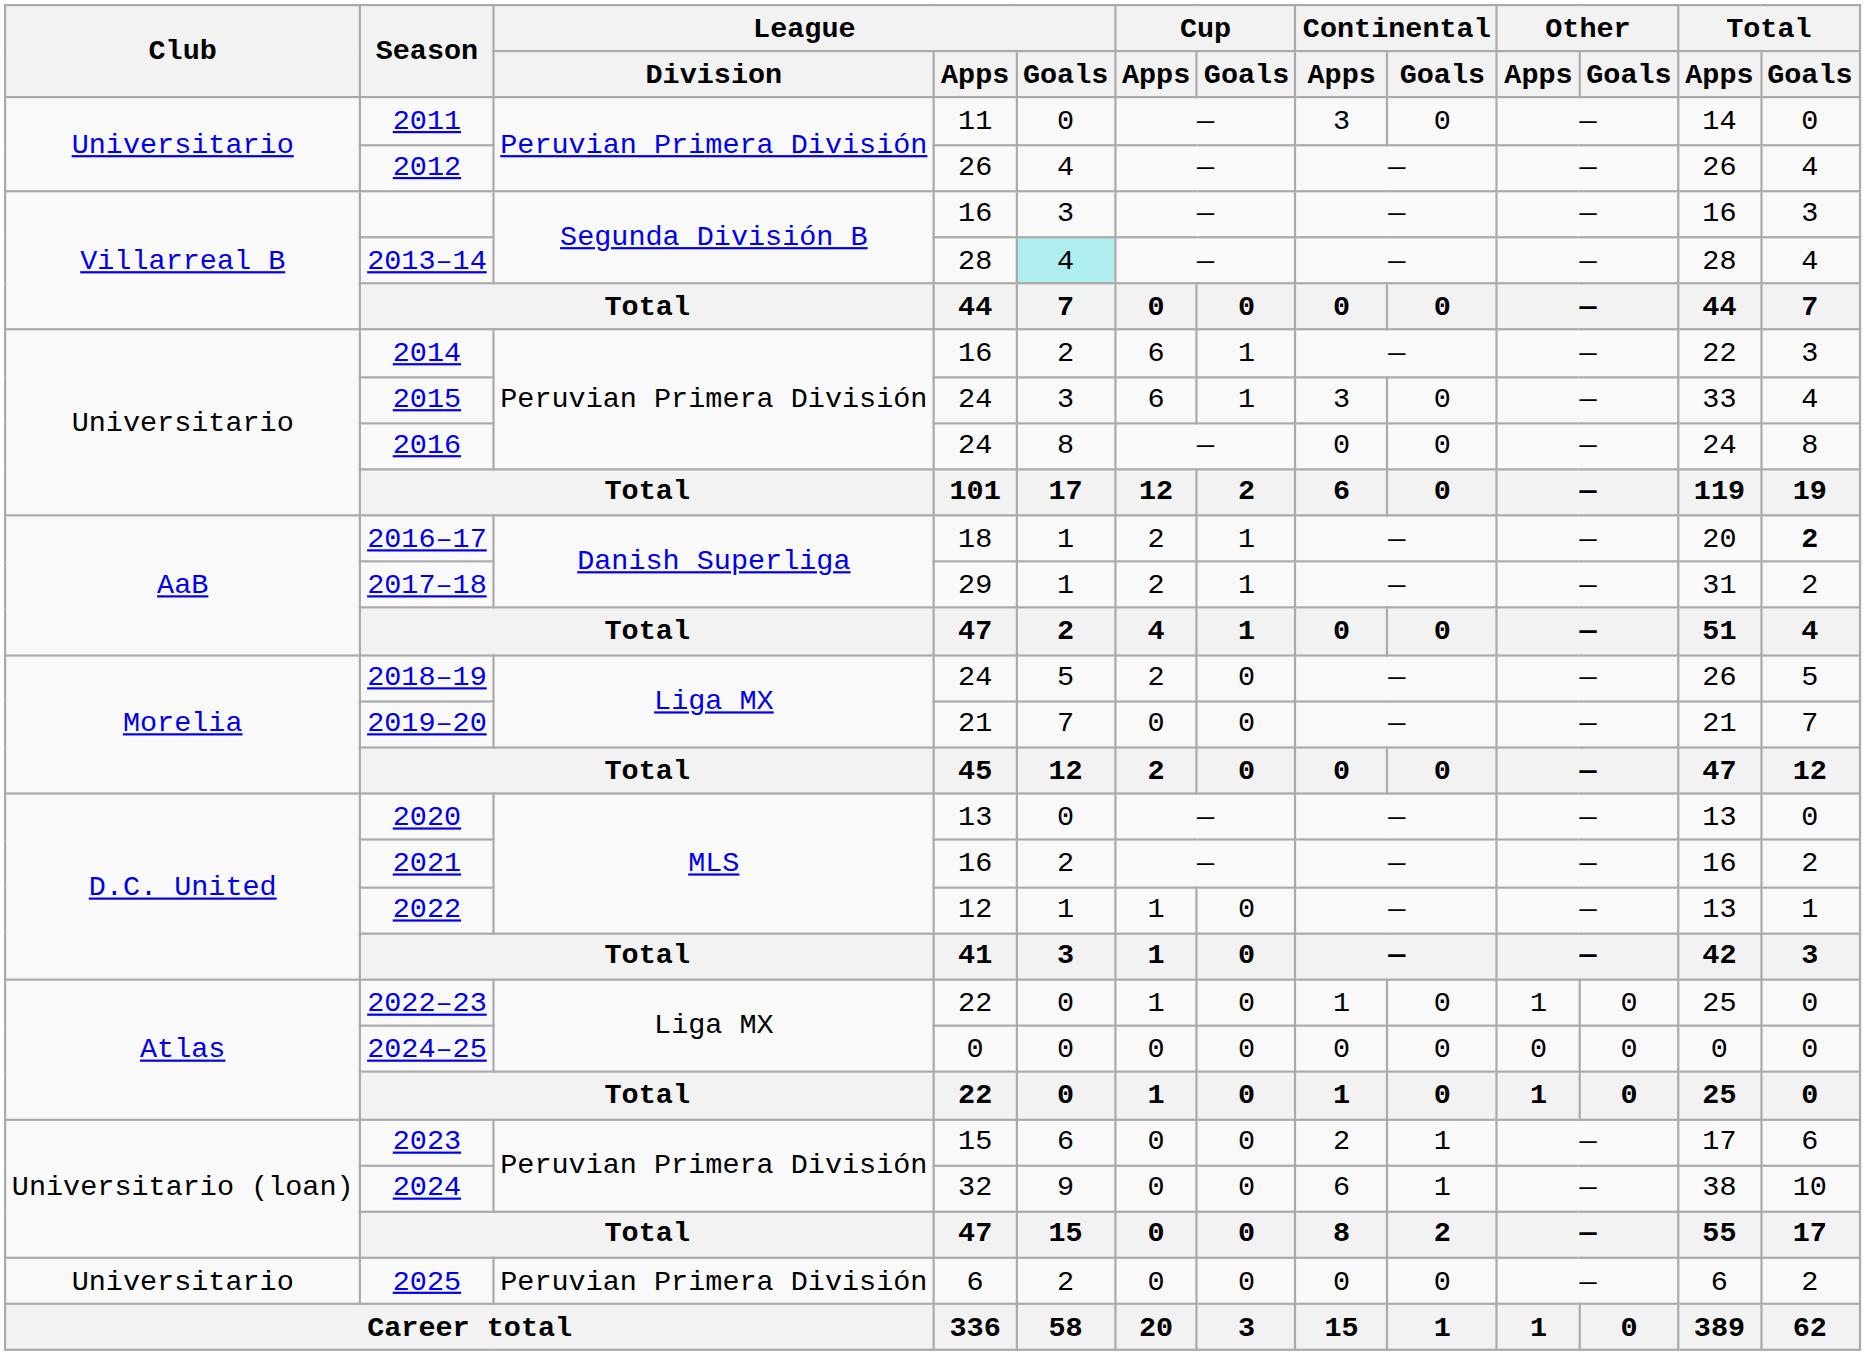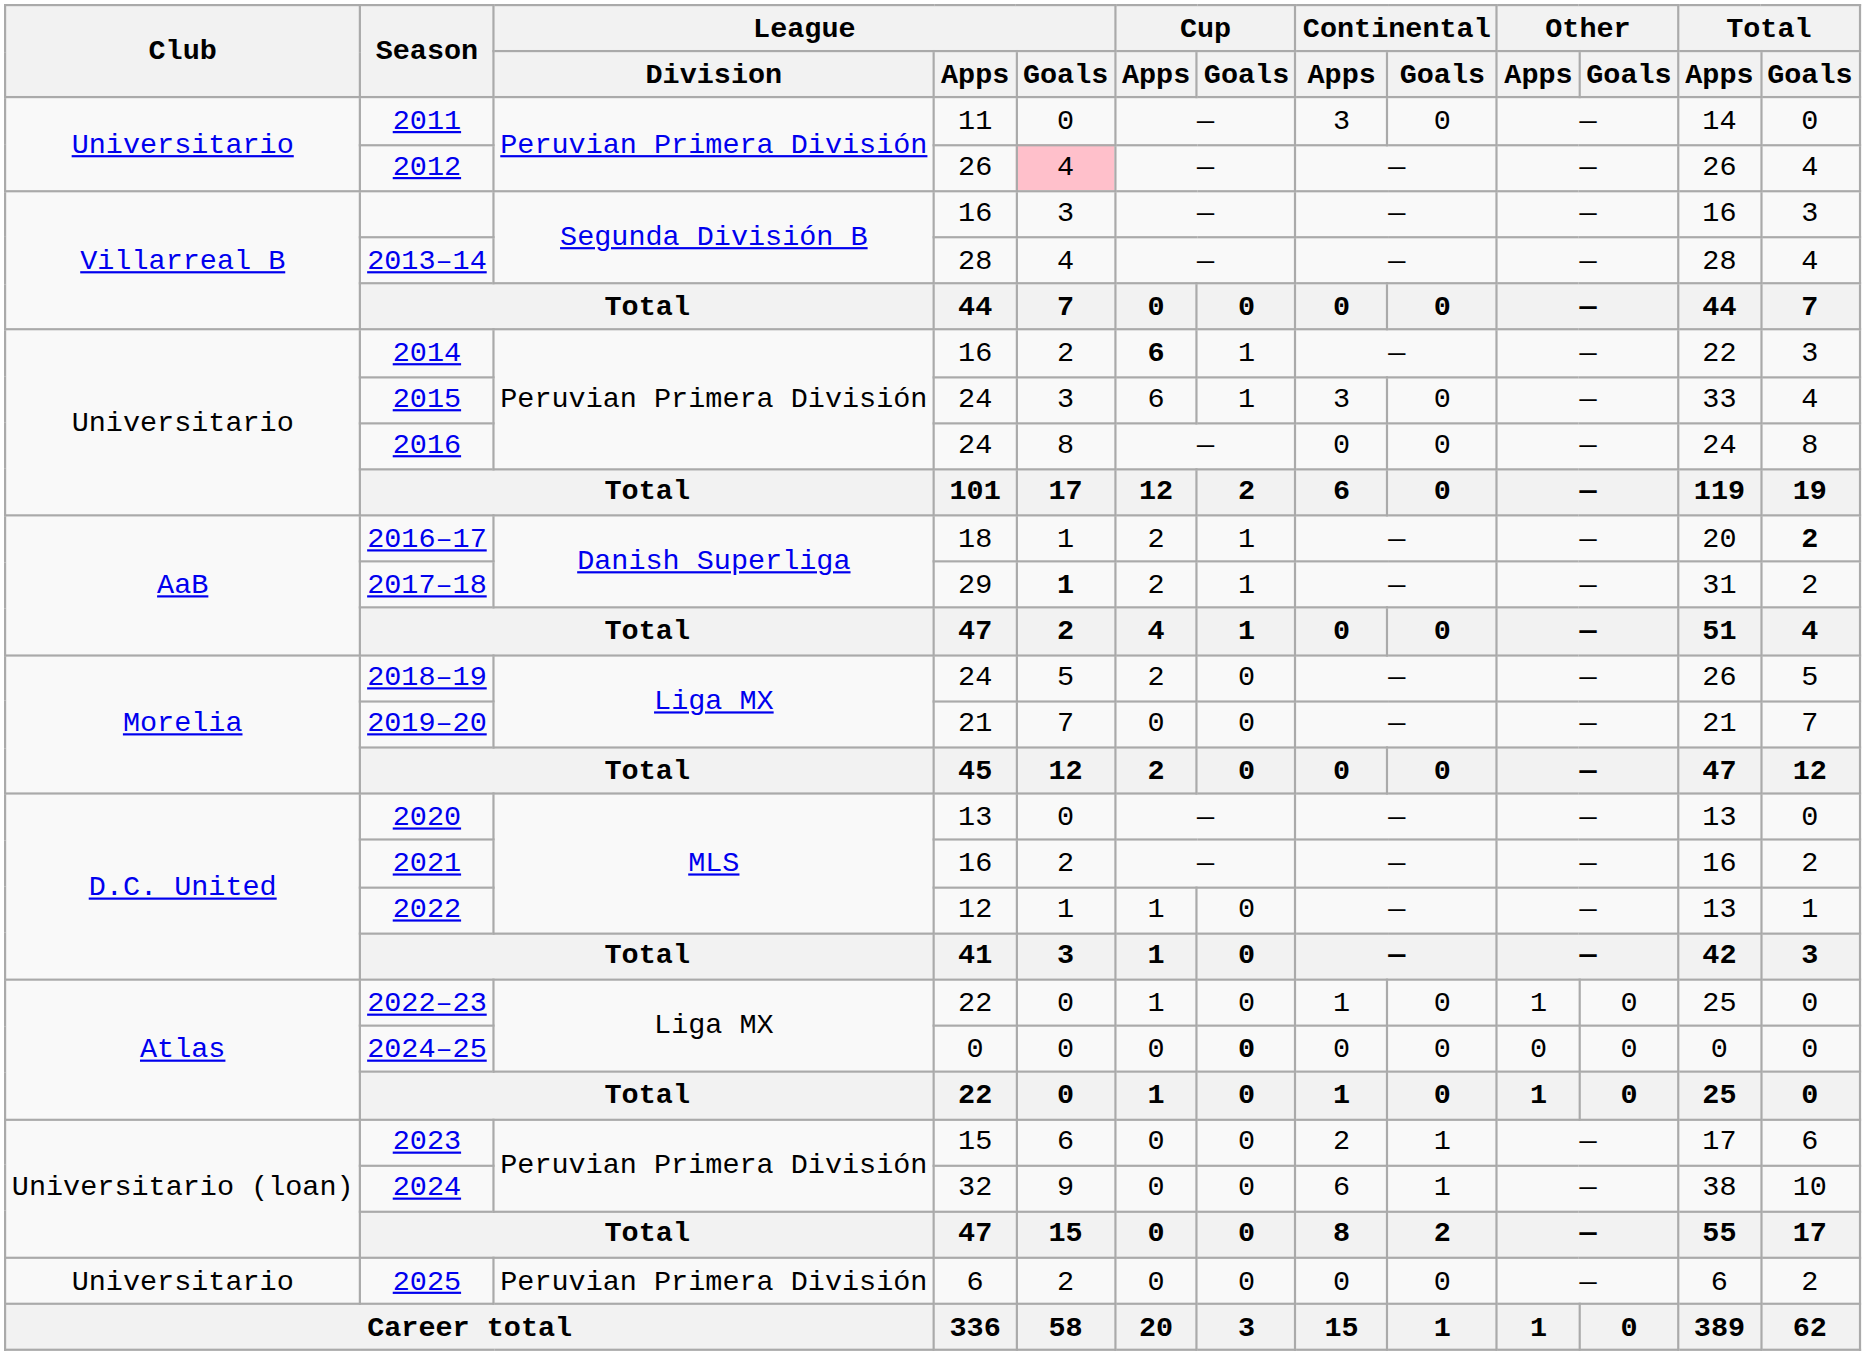 <table class="wikitable" style="text-align:center">
 <tr>
 <th rowspan="2">Club</th>
 <th rowspan="2">Season</th>
 <th colspan="3">League</th>
 <th colspan="2">Cup</th>
 <th colspan="2">Continental</th>
 <th colspan="2">Other</th>
 <th colspan="2">Total</th>
 </tr>
 <tr>
 <th>Division</th>
 <th>Apps</th>
 <th>Goals</th>
 <th>Apps</th>
 <th>Goals</th>
 <th>Apps</th>
 <th>Goals</th>
 <th>Apps</th>
 <th>Goals</th>
 <th>Apps</th>
 <th>Goals</th>
 </tr>
 <tr>
 <td rowspan="2"><a href='#'>Universitario</a></td>
 <td><a href='#'>2011</a></td>
 <td rowspan="2"><a href='#'>Peruvian Primera División</a></td>
 <td>11</td>
 <td>0</td>
 <td colspan="2">—</td>
 <td>3</td>
 <td>0</td>
 <td colspan="2">—</td>
 <td>14</td>
 <td>0</td>
 </tr>
 <tr>
 <td><a href='#'>2012</a></td>
 <td>26</td>
-<td>4</td>
+<td style="background: pink;">4</td>
 <td colspan="2">—</td>
 <td colspan="2">—</td>
 <td colspan="2">—</td>
 <td>26</td>
 <td>4</td>
 </tr>
 <tr>
 <td rowspan="3"><a href='#'>Villarreal B</a></td>
 <td></td>
 <td rowspan="2"><a href='#'>Segunda División B</a></td>
 <td>16</td>
 <td>3</td>
 <td colspan="2">—</td>
 <td colspan="2">—</td>
 <td colspan="2">—</td>
 <td>16</td>
 <td>3</td>
 </tr>
 <tr>
 <td><a href='#'>2013–14</a></td>
 <td>28</td>
-<td style="background: paleturquoise;">4</td>
+<td>4</td>
 <td colspan="2">—</td>
 <td colspan="2">—</td>
 <td colspan="2">—</td>
 <td>28</td>
 <td>4</td>
 </tr>
 <tr>
 <th colspan="2">Total</th>
 <th>44</th>
 <th>7</th>
 <th>0</th>
 <th>0</th>
 <th>0</th>
 <th>0</th>
 <th colspan="2">—</th>
 <th>44</th>
 <th>7</th>
 </tr>
 <tr>
 <td rowspan="4">Universitario</td>
 <td><a href='#'>2014</a></td>
 <td rowspan="3">Peruvian Primera División</td>
 <td>16</td>
 <td>2</td>
-<td>6</td>
+<td><strong>6</strong></td>
 <td>1</td>
 <td colspan="2">—</td>
 <td colspan="2">—</td>
 <td>22</td>
 <td>3</td>
 </tr>
 <tr>
 <td><a href='#'>2015</a></td>
 <td>24</td>
 <td>3</td>
 <td>6</td>
 <td>1</td>
 <td>3</td>
 <td>0</td>
 <td colspan="2">—</td>
 <td>33</td>
 <td>4</td>
 </tr>
 <tr>
 <td><a href='#'>2016</a></td>
 <td>24</td>
 <td>8</td>
 <td colspan="2">—</td>
 <td>0</td>
 <td>0</td>
 <td colspan="2">—</td>
 <td>24</td>
 <td>8</td>
 </tr>
 <tr>
 <th colspan="2">Total</th>
 <th>101</th>
 <th>17</th>
 <th>12</th>
 <th>2</th>
 <th>6</th>
 <th>0</th>
 <th colspan="2">—</th>
 <th>119</th>
 <th>19</th>
 </tr>
 <tr>
 <td rowspan="3"><a href='#'>AaB</a></td>
 <td><a href='#'>2016–17</a></td>
 <td rowspan="2"><a href='#'>Danish Superliga</a></td>
 <td>18</td>
 <td>1</td>
 <td>2</td>
 <td>1</td>
 <td colspan="2">—</td>
 <td colspan="2">—</td>
 <td>20</td>
 <td><strong>2</strong></td>
 </tr>
 <tr>
 <td><a href='#'>2017–18</a></td>
 <td>29</td>
-<td>1</td>
+<td><strong>1</strong></td>
 <td>2</td>
 <td>1</td>
 <td colspan="2">—</td>
 <td colspan="2">—</td>
 <td>31</td>
 <td>2</td>
 </tr>
 <tr>
 <th colspan="2">Total</th>
 <th>47</th>
 <th>2</th>
 <th>4</th>
 <th>1</th>
 <th>0</th>
 <th>0</th>
 <th colspan="2">—</th>
 <th>51</th>
 <th>4</th>
 </tr>
 <tr>
 <td rowspan="3"><a href='#'>Morelia</a></td>
 <td><a href='#'>2018–19</a></td>
 <td rowspan="2"><a href='#'>Liga MX</a></td>
 <td>24</td>
 <td>5</td>
 <td>2</td>
 <td>0</td>
 <td colspan="2">—</td>
 <td colspan="2">—</td>
 <td>26</td>
 <td>5</td>
 </tr>
 <tr>
 <td><a href='#'>2019–20</a></td>
 <td>21</td>
 <td>7</td>
 <td>0</td>
 <td>0</td>
 <td colspan="2">—</td>
 <td colspan="2">—</td>
 <td>21</td>
 <td>7</td>
 </tr>
 <tr>
 <th colspan="2">Total</th>
 <th>45</th>
 <th>12</th>
 <th>2</th>
 <th>0</th>
 <th>0</th>
 <th>0</th>
 <th colspan="2">—</th>
 <th>47</th>
 <th>12</th>
 </tr>
 <tr>
 <td rowspan="4"><a href='#'>D.C. United</a></td>
 <td><a href='#'>2020</a></td>
 <td rowspan="3"><a href='#'>MLS</a></td>
 <td>13</td>
 <td>0</td>
 <td colspan="2">—</td>
 <td colspan="2">—</td>
 <td colspan="2">—</td>
 <td>13</td>
 <td>0</td>
 </tr>
 <tr>
 <td><a href='#'>2021</a></td>
 <td>16</td>
 <td>2</td>
 <td colspan="2">—</td>
 <td colspan="2">—</td>
 <td colspan="2">—</td>
 <td>16</td>
 <td>2</td>
 </tr>
 <tr>
 <td><a href='#'>2022</a></td>
 <td>12</td>
 <td>1</td>
 <td>1</td>
 <td>0</td>
 <td colspan="2">—</td>
 <td colspan="2">—</td>
 <td>13</td>
 <td>1</td>
 </tr>
 <tr>
 <th colspan="2">Total</th>
 <th>41</th>
 <th>3</th>
 <th>1</th>
 <th>0</th>
 <th colspan="2">—</th>
 <th colspan="2">—</th>
 <th>42</th>
 <th>3</th>
 </tr>
 <tr>
 <td rowspan="3"><a href='#'>Atlas</a></td>
 <td><a href='#'>2022–23</a></td>
 <td rowspan="2">Liga MX</td>
 <td>22</td>
 <td>0</td>
 <td>1</td>
 <td>0</td>
 <td>1</td>
 <td>0</td>
 <td>1</td>
 <td>0</td>
 <td>25</td>
 <td>0</td>
 </tr>
 <tr>
 <td><a href='#'>2024–25</a></td>
 <td>0</td>
 <td>0</td>
 <td>0</td>
-<td>0</td>
+<td><strong>0</strong></td>
 <td>0</td>
 <td>0</td>
 <td>0</td>
 <td>0</td>
 <td>0</td>
 <td>0</td>
 </tr>
 <tr>
 <th colspan="2">Total</th>
 <th>22</th>
 <th>0</th>
 <th>1</th>
 <th>0</th>
 <th>1</th>
 <th>0</th>
 <th>1</th>
 <th>0</th>
 <th>25</th>
 <th>0</th>
 </tr>
 <tr>
 <td rowspan="3">Universitario (loan)</td>
 <td><a href='#'>2023</a></td>
 <td rowspan="2">Peruvian Primera División</td>
 <td>15</td>
 <td>6</td>
 <td>0</td>
 <td>0</td>
 <td>2</td>
 <td>1</td>
 <td colspan="2">—</td>
 <td>17</td>
 <td>6</td>
 </tr>
 <tr>
 <td><a href='#'>2024</a></td>
 <td>32</td>
 <td>9</td>
 <td>0</td>
 <td>0</td>
 <td>6</td>
 <td>1</td>
 <td colspan="2">—</td>
 <td>38</td>
 <td>10</td>
 </tr>
 <tr>
 <th colspan="2">Total</th>
 <th>47</th>
 <th>15</th>
 <th>0</th>
 <th>0</th>
 <th>8</th>
 <th>2</th>
 <th colspan="2">—</th>
 <th>55</th>
 <th>17</th>
 </tr>
 <tr>
 <td>Universitario</td>
 <td><a href='#'>2025</a></td>
 <td>Peruvian Primera División</td>
 <td>6</td>
 <td>2</td>
 <td>0</td>
 <td>0</td>
 <td>0</td>
 <td>0</td>
 <td colspan="2">—</td>
 <td>6</td>
 <td>2</td>
 </tr>
 <tr>
 <th colspan="3">Career total</th>
 <th>336</th>
 <th>58</th>
 <th>20</th>
 <th>3</th>
 <th>15</th>
 <th>1</th>
 <th>1</th>
 <th>0</th>
 <th>389</th>
 <th>62</th>
 </tr>
 </table>
